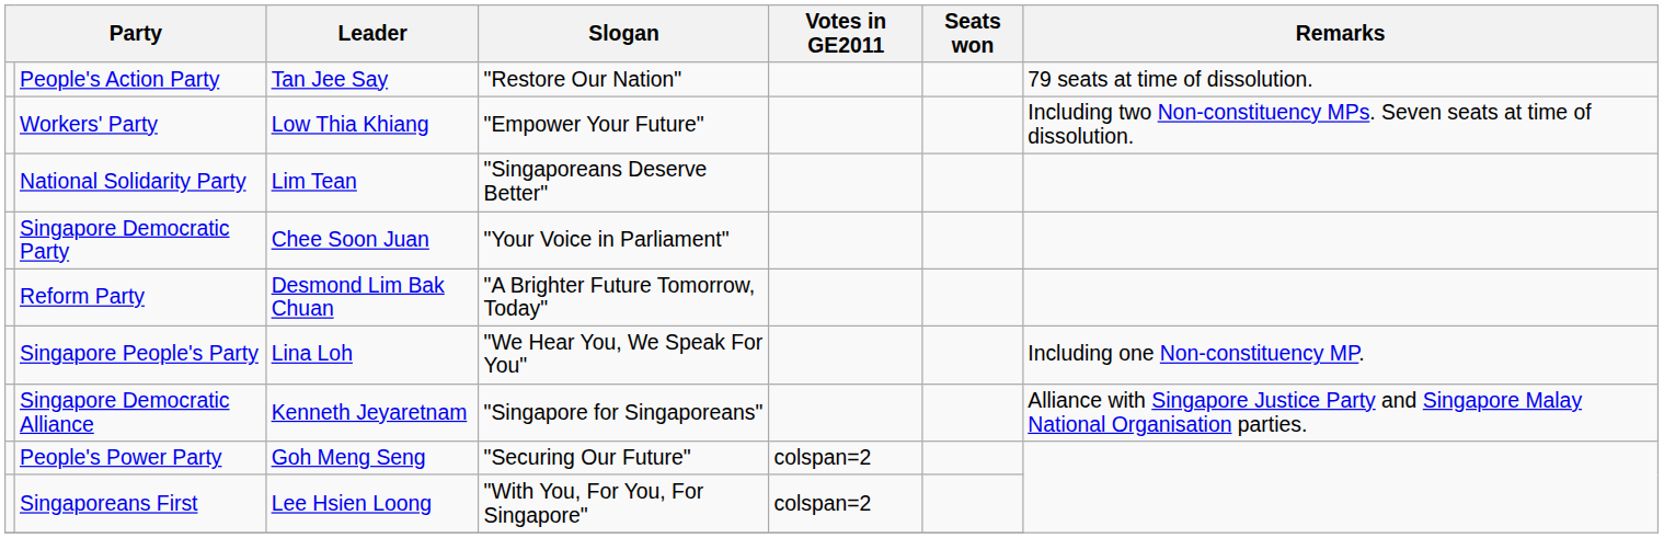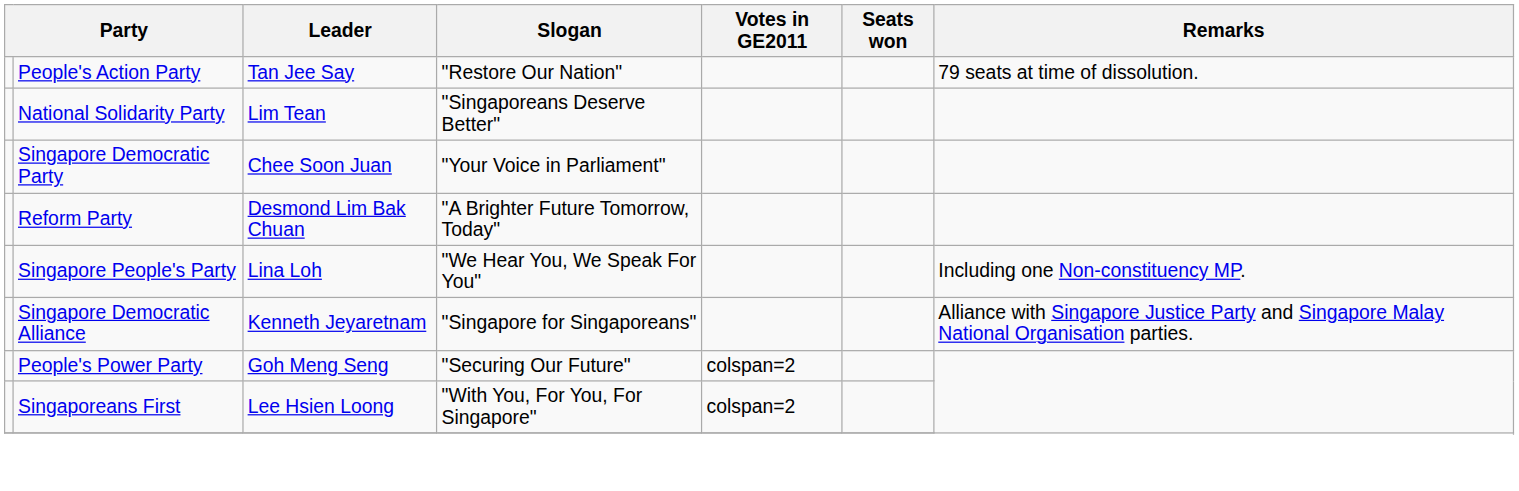 <table class="wikitable">
 <tr>
 <th colspan=2>Party</th>
 <th>Leader</th>
 <th>Slogan</th>
 <th>Votes in GE2011</th>
 <th>Seats won</th>
 <th>Remarks</th>
 </tr>
 <tr>
 <td style="background: "></td>
 <td><a href='#'>People's Action Party</a></td>
 <td><a href='#'>Tan Jee Say</a></td>
 <td>"Restore Our Nation"</td>
 <td></td>
 <td></td>
 <td>79 seats at time of dissolution.</td>
-</tr>
-<tr>
-<td style="background: "></td>
-<td><a href='#'>Workers' Party</a></td>
-<td><a href='#'>Low Thia Khiang</a></td>
-<td>"Empower Your Future"</td>
-<td></td>
-<td></td>
-<td>Including two <a href='#'>Non-constituency MPs</a>. Seven seats at time of dissolution.</td>
 </tr>
 <tr>
 <td style="background: "></td>
 <td><a href='#'>National Solidarity Party</a></td>
 <td><a href='#'>Lim Tean</a></td>
 <td>"Singaporeans Deserve Better"</td>
 <td></td>
 <td></td>
 <td></td>
 </tr>
 <tr>
 <td style="background: "></td>
 <td><a href='#'>Singapore Democratic Party</a></td>
 <td><a href='#'>Chee Soon Juan</a></td>
 <td>"Your Voice in Parliament"</td>
 <td></td>
 <td></td>
 <td></td>
 </tr>
 <tr>
 <td style="background: "></td>
 <td><a href='#'>Reform Party</a></td>
 <td><a href='#'>Desmond Lim Bak Chuan</a></td>
 <td>"A Brighter Future Tomorrow, Today"</td>
 <td></td>
 <td></td>
 <td></td>
 </tr>
 <tr>
 <td style="background: "></td>
 <td><a href='#'>Singapore People's Party</a></td>
 <td><a href='#'>Lina Loh</a></td>
 <td>"We Hear You, We Speak For You"</td>
 <td></td>
 <td></td>
 <td>Including one <a href='#'>Non-constituency MP</a>.</td>
 </tr>
 <tr>
 <td style="background: "></td>
 <td><a href='#'>Singapore Democratic Alliance</a></td>
 <td><a href='#'>Kenneth Jeyaretnam</a></td>
 <td>"Singapore for Singaporeans"</td>
 <td></td>
 <td></td>
 <td>Alliance with <a href='#'>Singapore Justice Party</a> and <a href='#'>Singapore Malay National Organisation</a> parties.</td>
 </tr>
 <tr>
 <td style="background: "></td>
 <td><a href='#'>People's Power Party</a></td>
 <td><a href='#'>Goh Meng Seng</a></td>
 <td>"Securing Our Future"</td>
 <td>colspan=2 </td>
 <td></td>
 </tr>
 <tr>
 <td style="background: "></td>
 <td><a href='#'>Singaporeans First</a></td>
 <td><a href='#'>Lee Hsien Loong</a></td>
 <td>"With You, For You, For Singapore"</td>
 <td>colspan=2 </td>
 <td></td>
 </tr>
 <tr>
 </tr>
 </table>
